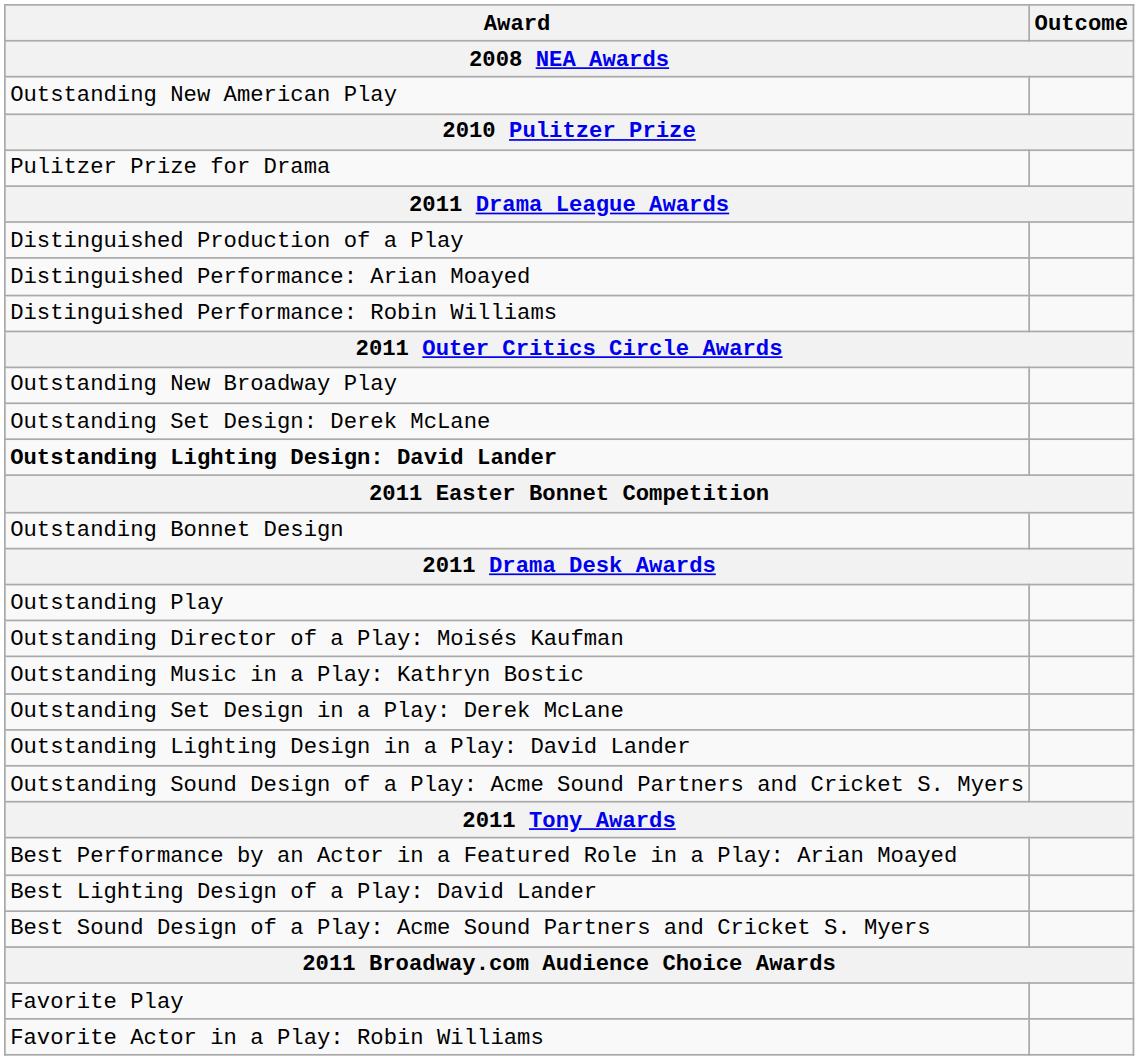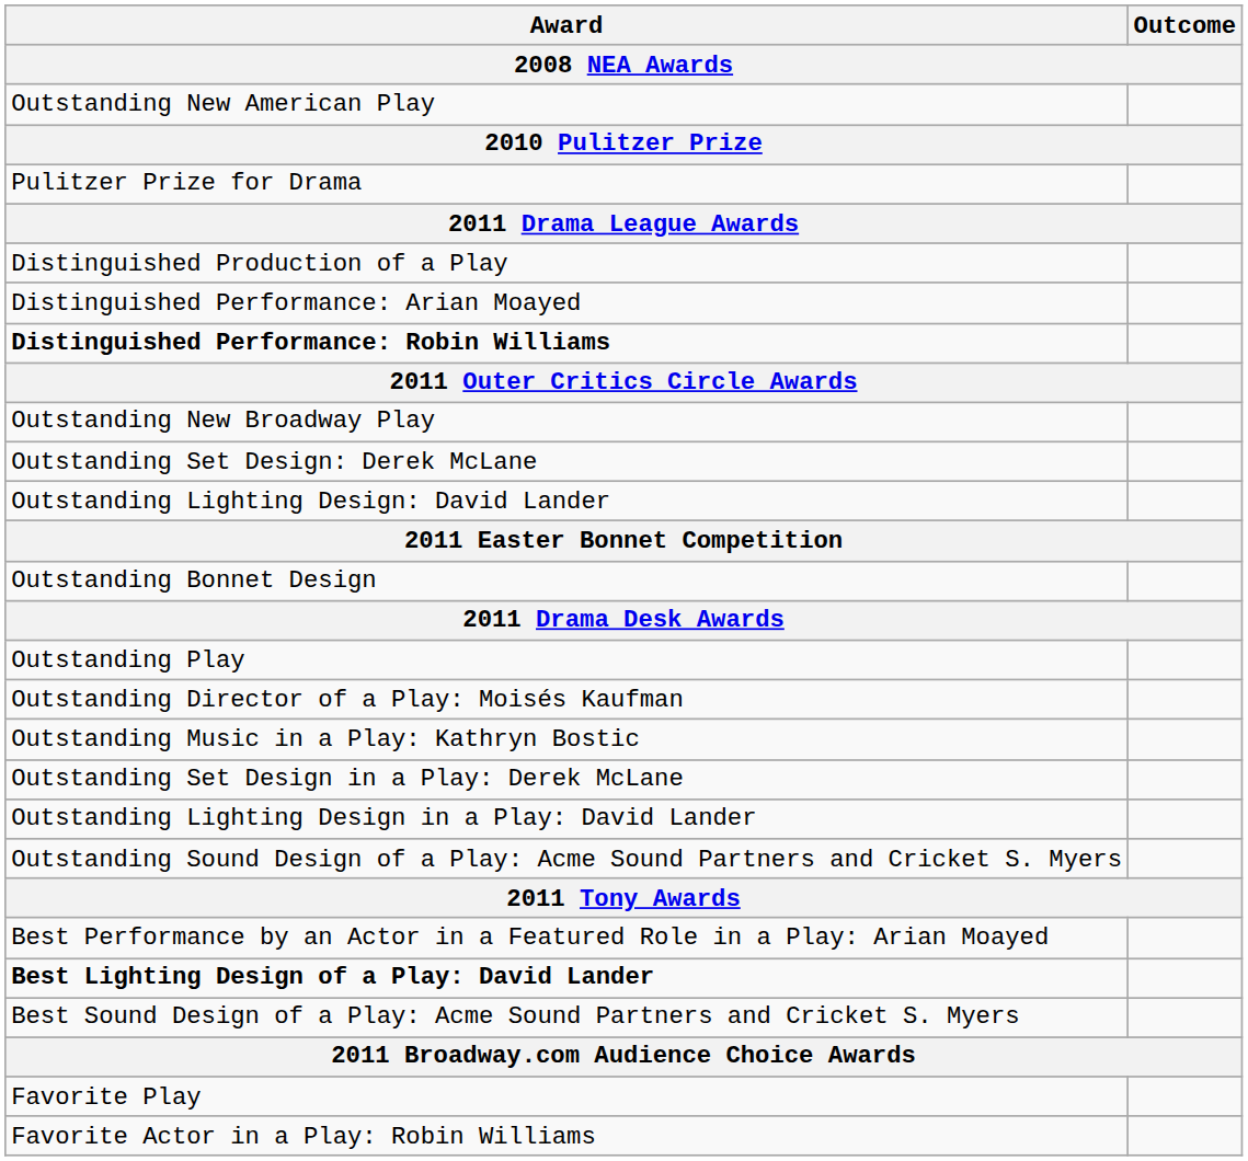 <table class="wikitable">
 <tr>
 <th>Award</th>
 <th>Outcome</th>
 </tr>
 <tr>
 <th colspan=3>2008 <a href='#'>NEA Awards</a></th>
 </tr>
 <tr>
 <td>Outstanding New American Play</td>
 <td></td>
 </tr>
 <tr>
 <th colspan=3>2010 <a href='#'>Pulitzer Prize</a></th>
 </tr>
 <tr>
 <td>Pulitzer Prize for Drama</td>
 <td></td>
 </tr>
 <tr>
 <th colspan=3>2011 <a href='#'>Drama League Awards</a></th>
 </tr>
 <tr>
 <td>Distinguished Production of a Play</td>
 <td></td>
 </tr>
 <tr>
 <td>Distinguished Performance: Arian Moayed</td>
 <td></td>
 </tr>
 <tr>
-<td>Distinguished Performance: Robin Williams</td>
+<td><strong>Distinguished Performance: Robin Williams</strong></td>
 <td></td>
 </tr>
 <tr>
 <th colspan=3>2011 <a href='#'>Outer Critics Circle Awards</a></th>
 </tr>
 <tr>
 <td>Outstanding New Broadway Play</td>
 <td></td>
 </tr>
 <tr>
 <td>Outstanding Set Design: Derek McLane</td>
 <td></td>
 </tr>
 <tr>
-<td><strong>Outstanding Lighting Design: David Lander</strong></td>
+<td>Outstanding Lighting Design: David Lander</td>
 <td></td>
 </tr>
 <tr>
 <th colspan=3>2011 Easter Bonnet Competition</th>
 </tr>
 <tr>
 <td>Outstanding Bonnet Design</td>
 <td></td>
 </tr>
 <tr>
 <th colspan=3>2011 <a href='#'>Drama Desk Awards</a></th>
 </tr>
 <tr>
 <td>Outstanding Play</td>
 <td></td>
 </tr>
 <tr>
 <td>Outstanding Director of a Play: Moisés Kaufman</td>
 <td></td>
 </tr>
 <tr>
 <td>Outstanding Music in a Play: Kathryn Bostic</td>
 <td></td>
 </tr>
 <tr>
 <td>Outstanding Set Design in a Play: Derek McLane</td>
 <td></td>
 </tr>
 <tr>
 <td>Outstanding Lighting Design in a Play: David Lander</td>
 <td></td>
 </tr>
 <tr>
 <td>Outstanding Sound Design of a Play: Acme Sound Partners and Cricket S. Myers</td>
 <td></td>
 </tr>
 <tr>
 <th colspan=3>2011 <a href='#'>Tony Awards</a></th>
 </tr>
 <tr>
 <td>Best Performance by an Actor in a Featured Role in a Play: Arian Moayed</td>
 <td></td>
 </tr>
 <tr>
-<td>Best Lighting Design of a Play: David Lander</td>
+<td><strong>Best Lighting Design of a Play: David Lander</strong></td>
 <td></td>
 </tr>
 <tr>
 <td>Best Sound Design of a Play: Acme Sound Partners and Cricket S. Myers</td>
 <td></td>
 </tr>
 <tr>
 <th colspan=3>2011 Broadway.com Audience Choice Awards</th>
 </tr>
 <tr>
 <td>Favorite Play</td>
 <td></td>
 </tr>
 <tr>
 <td>Favorite Actor in a Play: Robin Williams</td>
 <td></td>
 </tr>
 </table>
